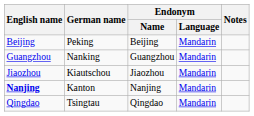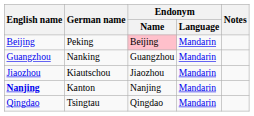 <table class="wikitable sortable mw-collapsible">
 <tr>
 <th rowspan="2">English name</th>
 <th rowspan="2">German name</th>
 <th colspan="2">Endonym</th>
 <th rowspan="2">Notes</th>
 </tr>
 <tr>
 <th>Name</th>
 <th>Language</th>
 </tr>
 <tr>
 <td><a href='#'>Beijing</a></td>
 <td>Peking</td>
-<td>Beijing</td>
+<td style="background: pink;">Beijing</td>
 <td><a href='#'>Mandarin</a></td>
 <td></td>
 </tr>
 <tr>
 <td><a href='#'>Guangzhou</a></td>
 <td>Nanking</td>
 <td>Guangzhou</td>
 <td><a href='#'>Mandarin</a></td>
 <td></td>
 </tr>
 <tr>
 <td><a href='#'>Jiaozhou</a></td>
 <td>Kiautschou</td>
 <td>Jiaozhou</td>
 <td><a href='#'>Mandarin</a></td>
 <td></td>
 </tr>
 <tr>
 <td><strong><a href='#'>Nanjing</a></strong></td>
 <td>Kanton</td>
 <td>Nanjing</td>
 <td><a href='#'>Mandarin</a></td>
 <td></td>
 </tr>
 <tr>
 <td><a href='#'>Qingdao</a></td>
 <td>Tsingtau</td>
 <td>Qingdao</td>
 <td><a href='#'>Mandarin</a></td>
 <td></td>
 </tr>
 </table>
